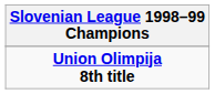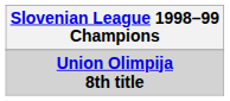 <table class="wikitable" style="text-align: center; margin: 0 auto;">
 <tr>
 <th><a href='#'>Slovenian League</a> 1998–99<br>Champions</th>
 </tr>
 <tr>
 </tr>
 <tr>
-<td><strong><a href='#'>Union Olimpija</a></strong><br><strong>8th title</strong></td>
+<td style="background: lightgrey;"><strong><a href='#'>Union Olimpija</a></strong><br><strong>8th title</strong></td>
 </tr>
 </table>
